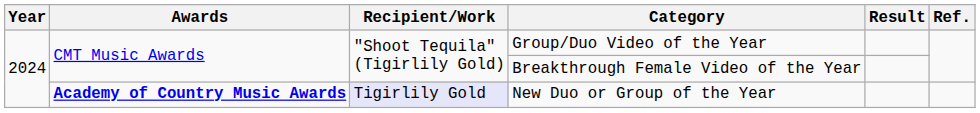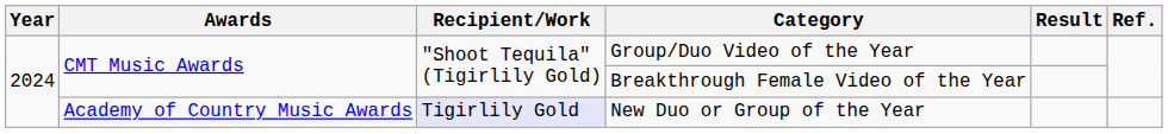 <table class="wikitable">
 <tr>
 <th scope="col">Year</th>
 <th scope="col">Awards</th>
 <th scope="col">Recipient/Work</th>
 <th scope="col">Category</th>
 <th scope="col">Result</th>
 <th scope="col">Ref.</th>
 </tr>
 <tr>
 <td rowspan="3">2024</td>
 <td rowspan="2"><a href='#'>CMT Music Awards</a></td>
 <td rowspan="2">"Shoot Tequila"<br>(Tigirlily Gold)</td>
 <td>Group/Duo Video of the Year</td>
 <td></td>
 <td rowspan="2"></td>
 </tr>
 <tr>
 <td>Breakthrough Female Video of the Year</td>
 <td></td>
 </tr>
 <tr>
-<td><strong><a href='#'>Academy of Country Music Awards</a></strong></td>
+<td><a href='#'>Academy of Country Music Awards</a></td>
 <td style="background: lavender;">Tigirlily Gold</td>
 <td>New Duo or Group of the Year</td>
 <td></td>
 <td></td>
 </tr>
 </table>
